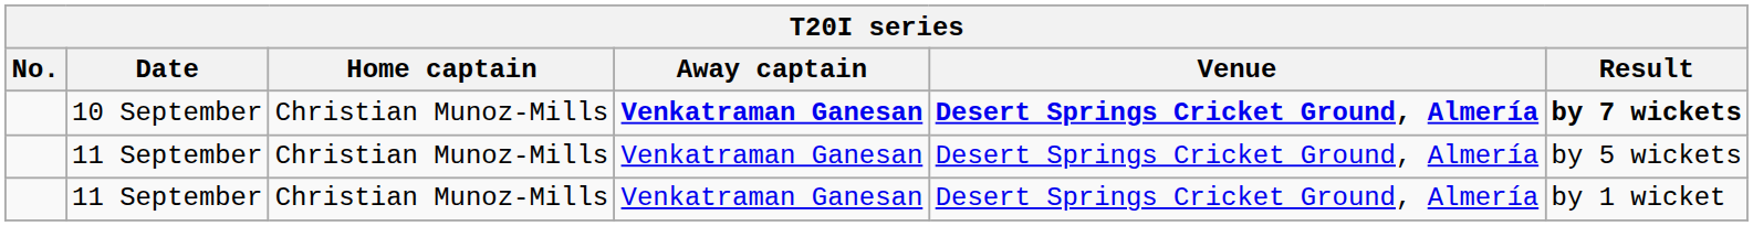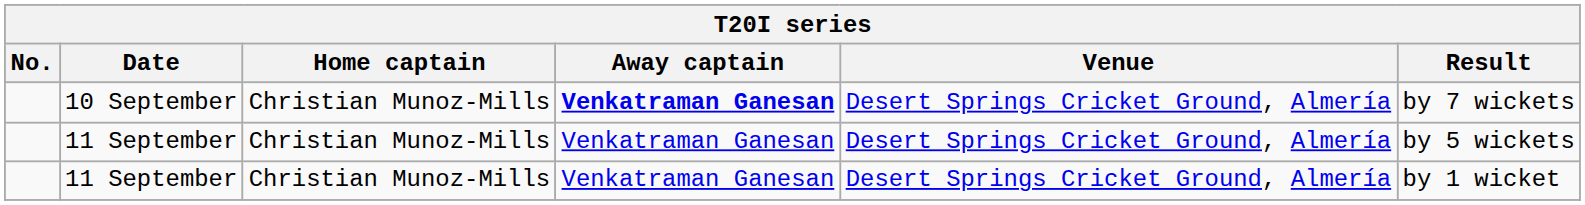 <table class="wikitable">
 <tr>
 <th colspan="9">T20I series</th>
 </tr>
 <tr>
 <th>No.</th>
 <th>Date</th>
 <th>Home captain</th>
 <th>Away captain</th>
 <th>Venue</th>
 <th>Result</th>
 </tr>
 <tr>
 <td></td>
 <td>10 September</td>
 <td>Christian Munoz-Mills</td>
 <td><strong><a href='#'>Venkatraman Ganesan</a></strong></td>
-<td><strong><a href='#'>Desert Springs Cricket Ground</a>, <a href='#'>Almería</a></strong></td>
-<td><strong> by 7 wickets</strong></td>
+<td><a href='#'>Desert Springs Cricket Ground</a>, <a href='#'>Almería</a></td>
+<td> by 7 wickets</td>
 </tr>
 <tr>
 <td></td>
 <td>11 September</td>
 <td>Christian Munoz-Mills</td>
 <td><a href='#'>Venkatraman Ganesan</a></td>
 <td><a href='#'>Desert Springs Cricket Ground</a>, <a href='#'>Almería</a></td>
 <td> by 5 wickets</td>
 </tr>
 <tr>
 <td></td>
 <td>11 September</td>
 <td>Christian Munoz-Mills</td>
 <td><a href='#'>Venkatraman Ganesan</a></td>
 <td><a href='#'>Desert Springs Cricket Ground</a>, <a href='#'>Almería</a></td>
 <td> by 1 wicket</td>
 </tr>
 </table>
